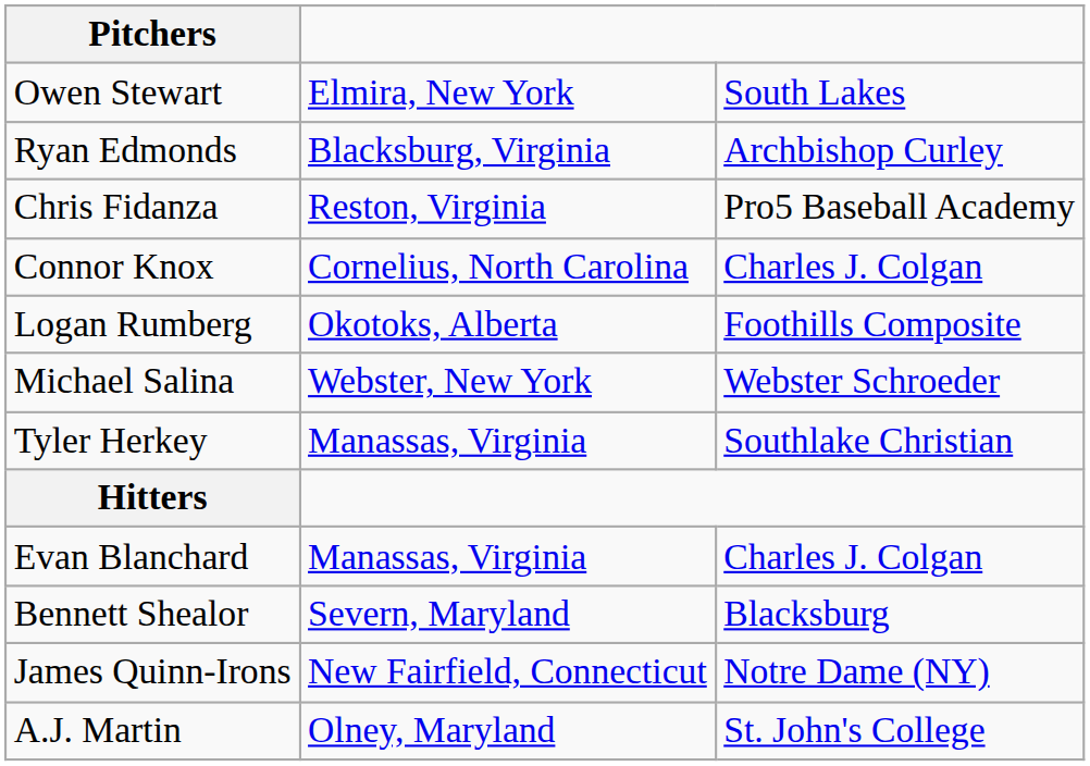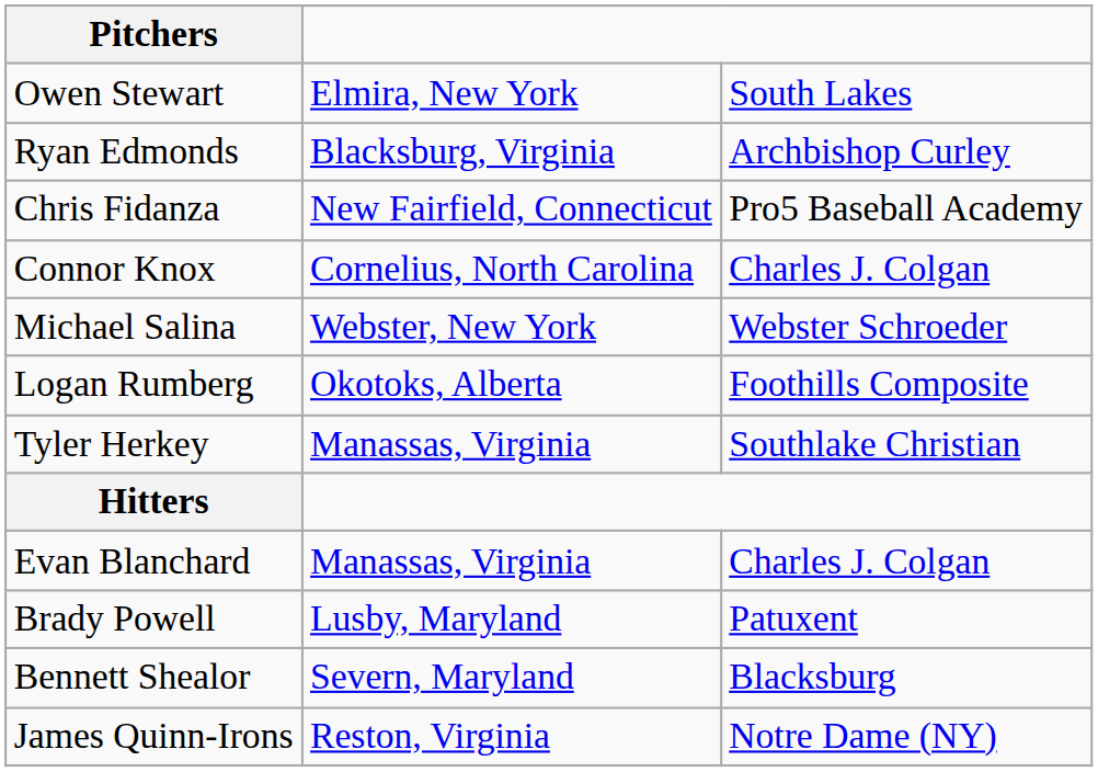 <table class="wikitable">
 <tr>
 <th>Pitchers</th>
 </tr>
 <tr>
 <td>Owen Stewart</td>
 <td><a href='#'>Elmira, New York</a></td>
 <td><a href='#'>South Lakes</a></td>
 </tr>
 <tr>
 <td>Ryan Edmonds</td>
 <td><a href='#'>Blacksburg, Virginia</a></td>
 <td><a href='#'>Archbishop Curley</a></td>
 </tr>
 <tr>
 <td>Chris Fidanza</td>
-<td><a href='#'>Reston, Virginia</a></td>
+<td><a href='#'>New Fairfield, Connecticut</a></td>
 <td>Pro5 Baseball Academy</td>
 </tr>
 <tr>
 <td>Connor Knox</td>
 <td><a href='#'>Cornelius, North Carolina</a></td>
 <td><a href='#'>Charles J. Colgan</a></td>
 </tr>
 <tr>
+<td>Michael Salina</td>
+<td><a href='#'>Webster, New York</a></td>
+<td><a href='#'>Webster Schroeder</a></td>
+</tr>
+<tr>
 <td>Logan Rumberg</td>
 <td><a href='#'>Okotoks, Alberta</a></td>
 <td><a href='#'>Foothills Composite</a></td>
-</tr>
-<tr>
-<td>Michael Salina</td>
-<td><a href='#'>Webster, New York</a></td>
-<td><a href='#'>Webster Schroeder</a></td>
 </tr>
 <tr>
 <td>Tyler Herkey</td>
 <td><a href='#'>Manassas, Virginia</a></td>
 <td><a href='#'>Southlake Christian</a></td>
 </tr>
 <tr>
 <th>Hitters</th>
 </tr>
 <tr>
 <td>Evan Blanchard</td>
 <td><a href='#'>Manassas, Virginia</a></td>
 <td><a href='#'>Charles J. Colgan</a></td>
 </tr>
 <tr>
+<td>Brady Powell</td>
+<td><a href='#'>Lusby, Maryland</a></td>
+<td><a href='#'>Patuxent</a></td>
+</tr>
+<tr>
 <td>Bennett Shealor</td>
 <td><a href='#'>Severn, Maryland</a></td>
 <td><a href='#'>Blacksburg</a></td>
 </tr>
 <tr>
 <td>James Quinn-Irons</td>
-<td><a href='#'>New Fairfield, Connecticut</a></td>
+<td><a href='#'>Reston, Virginia</a></td>
 <td><a href='#'>Notre Dame (NY)</a></td>
 </tr>
-<tr>
-<td>A.J. Martin</td>
-<td><a href='#'>Olney, Maryland</a></td>
-<td><a href='#'>St. John's College</a></td>
-</tr>
 </table>
